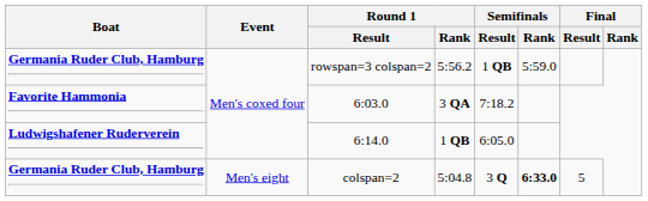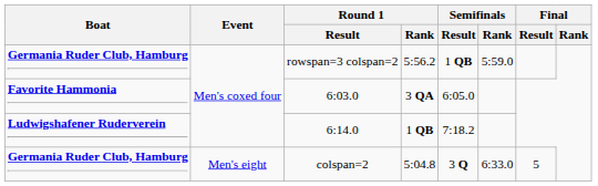 <table class=wikitable>
 <tr>
 <th rowspan=2>Boat</th>
 <th rowspan=2>Event</th>
 <th colspan=2>Round 1</th>
 <th colspan=2>Semifinals</th>
 <th colspan=2>Final</th>
 </tr>
 <tr>
 <th>Result</th>
 <th>Rank</th>
 <th>Result</th>
 <th>Rank</th>
 <th>Result</th>
 <th>Rank</th>
 </tr>
 <tr align=center>
 <td align=left><strong><a href='#'>Germania Ruder Club, Hamburg</a> <hr> </strong></td>
 <td rowspan=3><a href='#'>Men's coxed four</a></td>
 <td>rowspan=3 colspan=2 </td>
 <td>5:56.2</td>
 <td>1 <strong>QB</strong></td>
 <td>5:59.0</td>
 <td></td>
 </tr>
 <tr align=center>
 <td align=left><strong><a href='#'>Favorite Hammonia</a> <hr> </strong></td>
 <td>6:03.0</td>
 <td>3 <strong>QA</strong></td>
-<td>7:18.2</td>
+<td>6:05.0</td>
 <td></td>
 </tr>
 <tr align=center>
 <td align=left><strong><a href='#'>Ludwigshafener Ruderverein</a> <hr> </strong></td>
 <td>6:14.0</td>
 <td>1 <strong>QB</strong></td>
-<td>6:05.0</td>
+<td>7:18.2</td>
 <td></td>
 </tr>
 <tr align=center>
 <td align=left><strong><a href='#'>Germania Ruder Club, Hamburg</a> <hr> </strong></td>
 <td><a href='#'>Men's eight</a></td>
 <td>colspan=2 </td>
 <td>5:04.8</td>
 <td>3 <strong>Q</strong></td>
-<td><strong>6:33.0</strong></td>
+<td>6:33.0</td>
 <td>5</td>
 </tr>
 </table>
